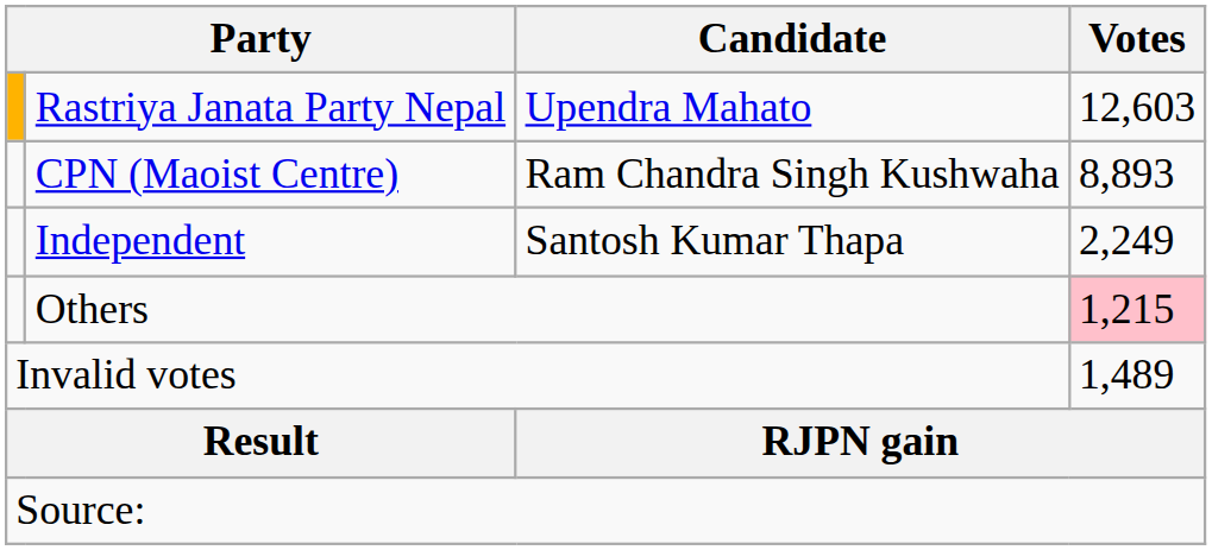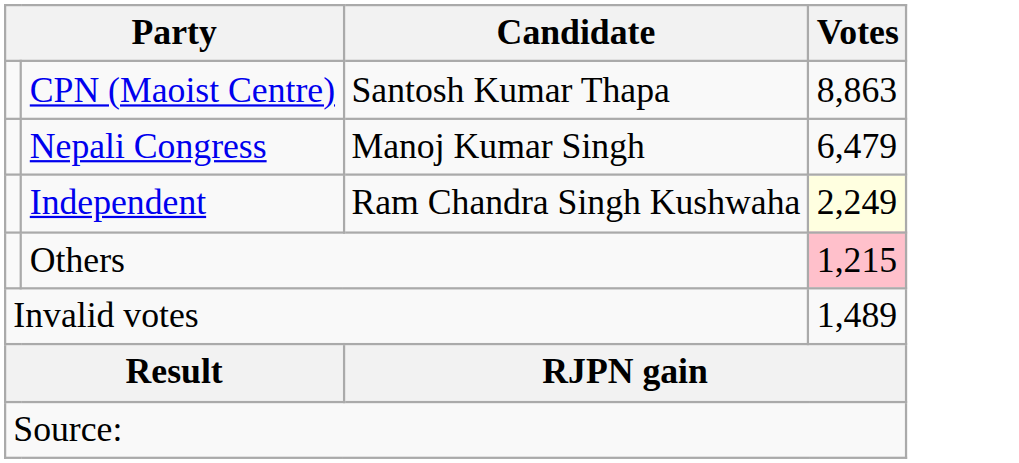 <table class="wikitable">
 <tr>
 <th colspan="2">Party</th>
 <th>Candidate</th>
 <th>Votes</th>
 </tr>
 <tr>
-<td style="background-color:#ffb300"></td>
-<td><a href='#'>Rastriya Janata Party Nepal</a></td>
-<td><a href='#'>Upendra Mahato</a></td>
-<td>12,603</td>
+<td style="background-color:"></td>
+<td><a href='#'>CPN (Maoist Centre)</a></td>
+<td>Santosh Kumar Thapa</td>
+<td>8,863</td>
 </tr>
 <tr>
 <td style="background-color:"></td>
-<td><a href='#'>CPN (Maoist Centre)</a></td>
-<td>Ram Chandra Singh Kushwaha</td>
-<td>8,893</td>
+<td><a href='#'>Nepali Congress</a></td>
+<td>Manoj Kumar Singh</td>
+<td>6,479</td>
 </tr>
 <tr>
 <td style="background-color:"></td>
 <td><a href='#'>Independent</a></td>
-<td>Santosh Kumar Thapa</td>
-<td>2,249</td>
+<td>Ram Chandra Singh Kushwaha</td>
+<td style="background: lightyellow;">2,249</td>
 </tr>
 <tr>
 <td></td>
 <td colspan="2">Others</td>
 <td style="background: pink;">1,215</td>
 </tr>
 <tr>
 <td colspan="3">Invalid votes</td>
 <td>1,489</td>
 </tr>
 <tr>
 <th colspan="2">Result</th>
 <th colspan="2">RJPN gain</th>
 </tr>
 <tr>
 <td colspan="4">Source: </td>
 </tr>
 </table>
